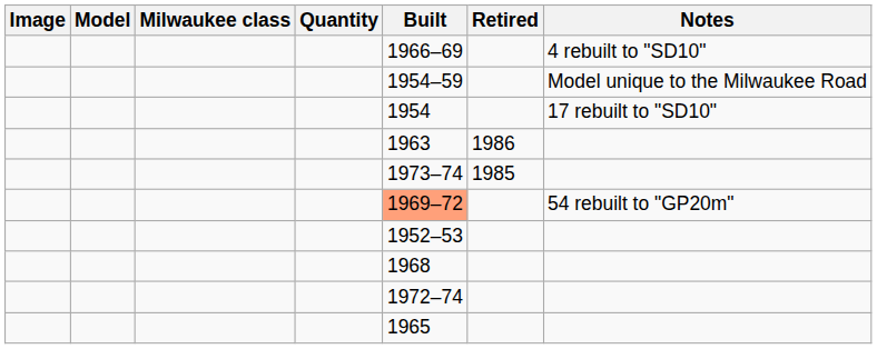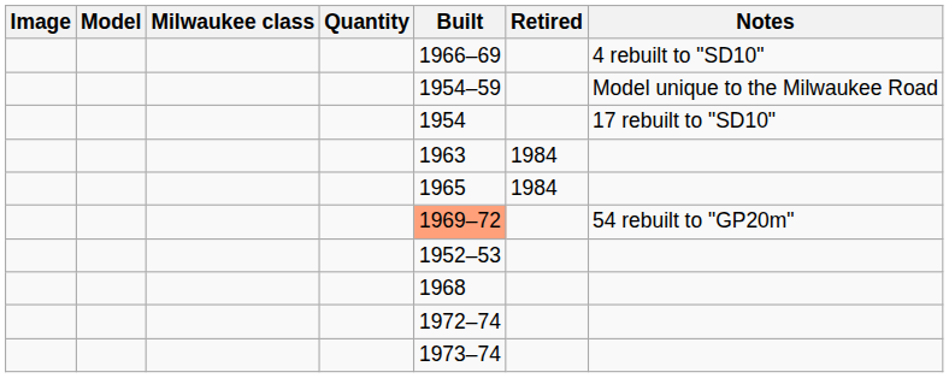 <table class="wikitable sortable">
 <tr>
 <th>Image</th>
 <th>Model</th>
 <th>Milwaukee class</th>
 <th>Quantity</th>
 <th>Built</th>
 <th>Retired</th>
 <th>Notes</th>
 </tr>
 <tr>
 <td></td>
 <td></td>
 <td></td>
 <td></td>
 <td>1966–69</td>
 <td></td>
 <td>4 rebuilt to "SD10"</td>
 </tr>
 <tr>
 <td></td>
 <td></td>
 <td></td>
 <td></td>
 <td>1954–59</td>
 <td></td>
 <td>Model unique to the Milwaukee Road</td>
 </tr>
 <tr>
 <td></td>
 <td></td>
 <td></td>
 <td></td>
 <td>1954</td>
 <td></td>
 <td>17 rebuilt to "SD10"</td>
 </tr>
 <tr>
 <td></td>
 <td></td>
 <td></td>
 <td></td>
 <td>1963</td>
-<td>1986</td>
+<td>1984</td>
 <td></td>
 </tr>
 <tr>
 <td></td>
 <td></td>
 <td></td>
 <td></td>
-<td>1973–74</td>
-<td>1985</td>
+<td>1965</td>
+<td>1984</td>
 <td></td>
 </tr>
 <tr>
 <td></td>
 <td></td>
 <td></td>
 <td></td>
 <td style="background: lightsalmon;">1969–72</td>
 <td></td>
 <td>54 rebuilt to "GP20m"</td>
 </tr>
 <tr>
 <td></td>
 <td></td>
 <td></td>
 <td></td>
 <td>1952–53</td>
 <td></td>
 <td></td>
 </tr>
 <tr>
 <td></td>
 <td></td>
 <td></td>
 <td></td>
 <td>1968</td>
 <td></td>
 <td></td>
 </tr>
 <tr>
 <td></td>
 <td></td>
 <td></td>
 <td></td>
 <td>1972–74</td>
 <td></td>
 <td></td>
 </tr>
 <tr>
 <td></td>
 <td></td>
 <td></td>
 <td></td>
-<td>1965</td>
+<td>1973–74</td>
 <td></td>
 <td></td>
 </tr>
 </table>
